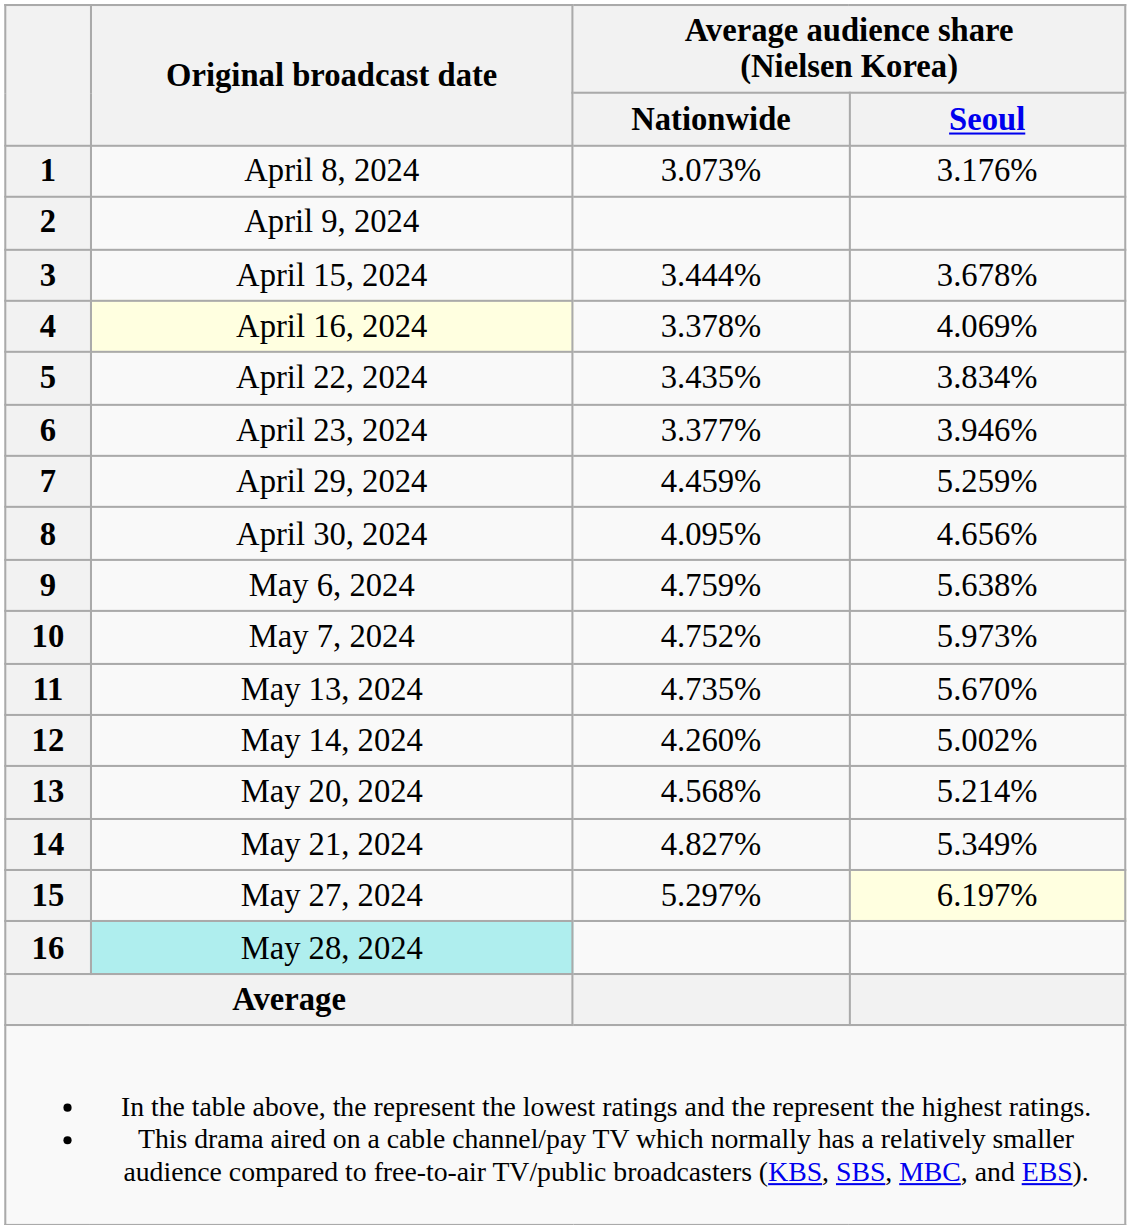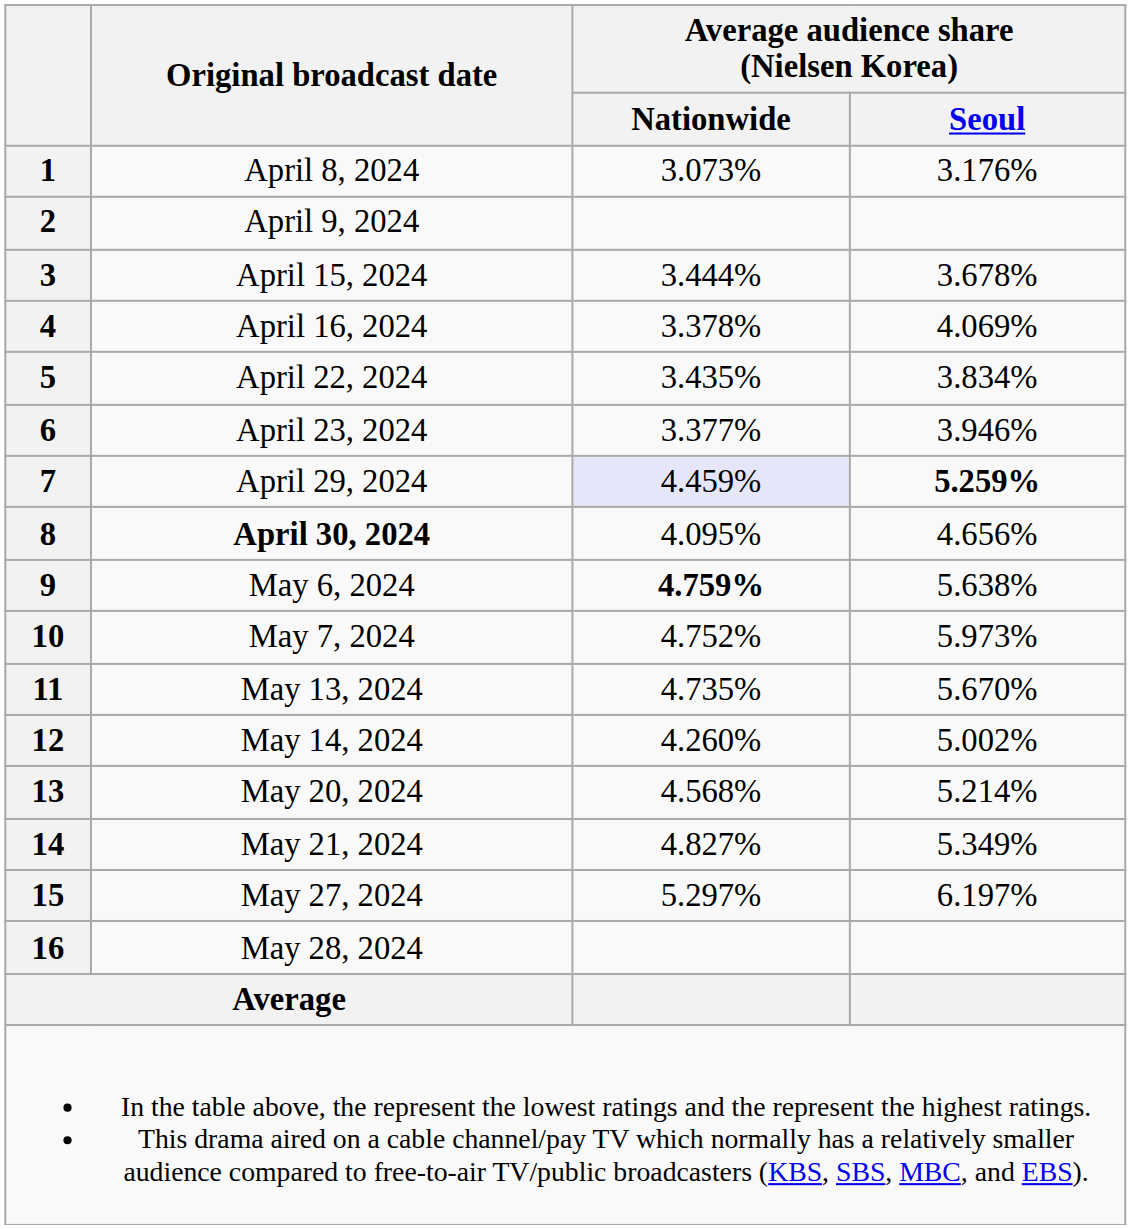 <table class="wikitable" style="margin-left:auto; margin-right:auto; width:550px; text-align:center">
 <tr>
 <th scope="col" rowspan="2"></th>
 <th scope="col" rowspan="2">Original broadcast date</th>
 <th scope="col" colspan="2">Average audience share<br>(Nielsen Korea)</th>
 </tr>
 <tr>
 <th scope="col" style="width:8em">Nationwide</th>
 <th scope="col" style="width:8em"><a href='#'>Seoul</a></th>
 </tr>
 <tr>
 <th scope="col">1</th>
 <td>April 8, 2024</td>
 <td>3.073% </td>
 <td>3.176% </td>
 </tr>
 <tr>
 <th scope="col">2</th>
 <td>April 9, 2024</td>
 <td><strong></strong> </td>
 <td><strong></strong> </td>
 </tr>
 <tr>
 <th scope="col">3</th>
 <td>April 15, 2024</td>
 <td>3.444% </td>
 <td>3.678% </td>
 </tr>
 <tr>
 <th scope="col">4</th>
-<td style="background: lightyellow;">April 16, 2024</td>
+<td>April 16, 2024</td>
 <td>3.378% </td>
 <td>4.069% </td>
 </tr>
 <tr>
 <th scope="col">5</th>
 <td>April 22, 2024</td>
 <td>3.435% </td>
 <td>3.834% </td>
 </tr>
 <tr>
 <th scope="col">6</th>
 <td>April 23, 2024</td>
 <td>3.377% </td>
 <td>3.946% </td>
 </tr>
 <tr>
 <th scope="col">7</th>
 <td>April 29, 2024</td>
-<td>4.459% </td>
-<td>5.259% </td>
+<td style="background: lavender;">4.459% </td>
+<td><strong>5.259% </strong></td>
 </tr>
 <tr>
 <th scope="col">8</th>
-<td>April 30, 2024</td>
+<td><strong>April 30, 2024</strong></td>
 <td>4.095% </td>
 <td>4.656% </td>
 </tr>
 <tr>
 <th scope="col">9</th>
 <td>May 6, 2024</td>
-<td>4.759% </td>
+<td><strong>4.759% </strong></td>
 <td>5.638% </td>
 </tr>
 <tr>
 <th scope="col">10</th>
 <td>May 7, 2024</td>
 <td>4.752% </td>
 <td>5.973% </td>
 </tr>
 <tr>
 <th scope="col">11</th>
 <td>May 13, 2024</td>
 <td>4.735% </td>
 <td>5.670% </td>
 </tr>
 <tr>
 <th scope="col">12</th>
 <td>May 14, 2024</td>
 <td>4.260% </td>
 <td>5.002% </td>
 </tr>
 <tr>
 <th scope="col">13</th>
 <td>May 20, 2024</td>
 <td>4.568% </td>
 <td>5.214% </td>
 </tr>
 <tr>
 <th scope="col">14</th>
 <td>May 21, 2024</td>
 <td>4.827% </td>
 <td>5.349% </td>
 </tr>
 <tr>
 <th scope="col">15</th>
 <td>May 27, 2024</td>
 <td>5.297% </td>
-<td style="background: lightyellow;">6.197% </td>
+<td>6.197% </td>
 </tr>
 <tr>
 <th scope="col">16</th>
-<td style="background: paleturquoise;">May 28, 2024</td>
+<td>May 28, 2024</td>
 <td><strong></strong> </td>
 <td><strong></strong> </td>
 </tr>
 <tr>
 <th scope="col" colspan="2">Average</th>
 <th scope="col"></th>
 <th scope="col"></th>
 </tr>
 <tr>
 <td colspan="4" style="font-size:85%"><br><ul><li>In the table above, the <strong></strong> represent the lowest ratings and the <strong></strong> represent the highest ratings.</li><li>This drama aired on a cable channel/pay TV which normally has a relatively smaller audience compared to free-to-air TV/public broadcasters (<a href='#'>KBS</a>, <a href='#'>SBS</a>, <a href='#'>MBC</a>, and <a href='#'>EBS</a>).</li></ul></td>
 </tr>
 </table>
